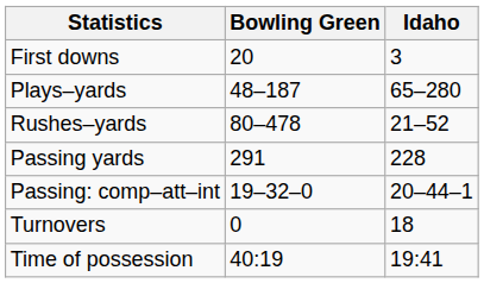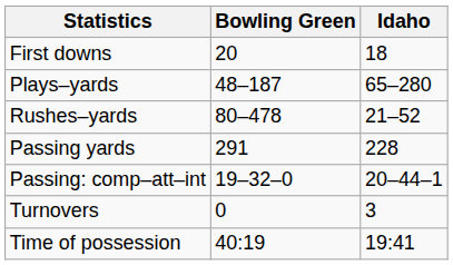 <table class="wikitable" style="float:left">
 <tr>
 <th>Statistics</th>
 <th>Bowling Green</th>
 <th>Idaho</th>
 </tr>
 <tr>
 <td>First downs</td>
 <td>20</td>
-<td>3</td>
+<td>18</td>
 </tr>
 <tr>
 <td>Plays–yards</td>
 <td>48–187</td>
 <td>65–280</td>
 </tr>
 <tr>
 <td>Rushes–yards</td>
 <td>80–478</td>
 <td>21–52</td>
 </tr>
 <tr>
 <td>Passing yards</td>
 <td>291</td>
 <td>228</td>
 </tr>
 <tr>
 <td>Passing: comp–att–int</td>
 <td>19–32–0</td>
 <td>20–44–1</td>
 </tr>
 <tr>
 <td>Turnovers</td>
 <td>0</td>
-<td>18</td>
+<td>3</td>
 </tr>
 <tr>
 <td>Time of possession</td>
 <td>40:19</td>
 <td>19:41</td>
 </tr>
 </table>
